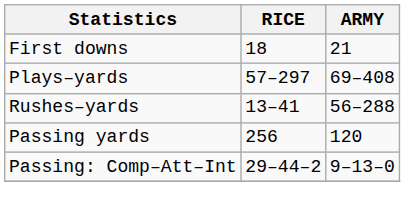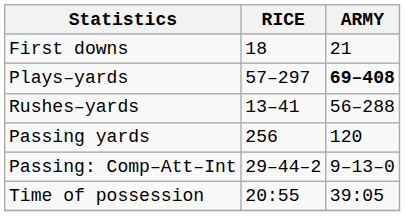 <table class="wikitable" style="float: left;">
 <tr>
 <th>Statistics</th>
 <th>RICE</th>
 <th>ARMY</th>
 </tr>
 <tr>
 <td>First downs</td>
 <td>18</td>
 <td>21</td>
 </tr>
 <tr>
 <td>Plays–yards</td>
 <td>57–297</td>
-<td>69–408</td>
+<td><strong>69–408</strong></td>
 </tr>
 <tr>
 <td>Rushes–yards</td>
 <td>13–41</td>
 <td>56–288</td>
 </tr>
 <tr>
 <td>Passing yards</td>
 <td>256</td>
 <td>120</td>
 </tr>
 <tr>
 <td>Passing: Comp–Att–Int</td>
 <td>29–44–2</td>
 <td>9–13–0</td>
 </tr>
 <tr>
+<td>Time of possession</td>
+<td>20:55</td>
+<td>39:05</td>
+</tr>
+<tr>
 </tr>
 </table>
